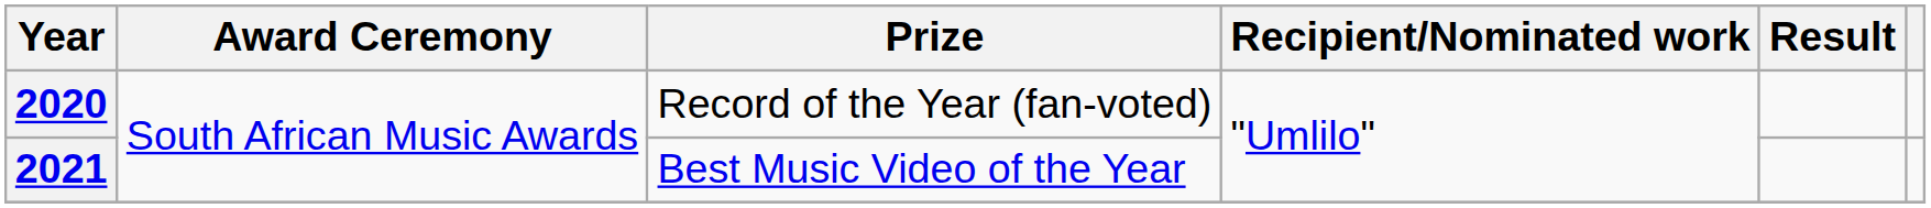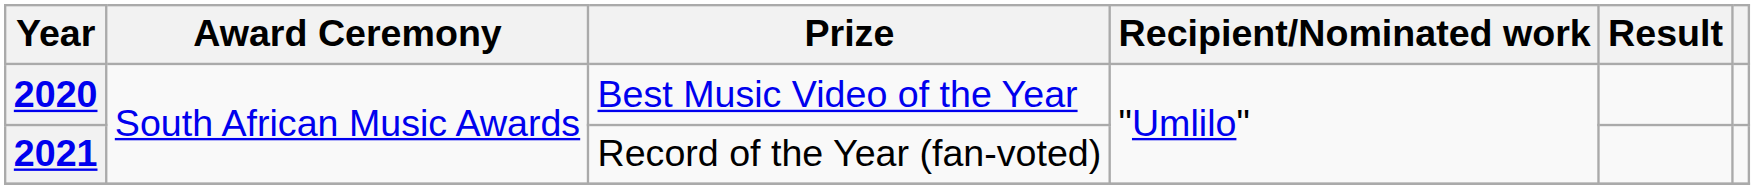 <table class="wikitable plainrowheaders">
 <tr>
 <th>Year</th>
 <th>Award Ceremony</th>
 <th>Prize</th>
 <th>Recipient/Nominated work</th>
 <th>Result</th>
 <th></th>
 </tr>
 <tr>
 <th scope="row"><a href='#'>2020</a></th>
 <td rowspan="2"><a href='#'>South African Music Awards</a></td>
-<td>Record of the Year (fan-voted)</td>
+<td><a href='#'>Best Music Video of the Year</a></td>
 <td rowspan="2">"<a href='#'>Umlilo</a>"</td>
 <td></td>
 <td></td>
 </tr>
 <tr>
 <th scope="row"><a href='#'>2021</a></th>
-<td><a href='#'>Best Music Video of the Year</a></td>
+<td>Record of the Year (fan-voted)</td>
 <td></td>
 <td></td>
 </tr>
 <tr>
 </tr>
 </table>
